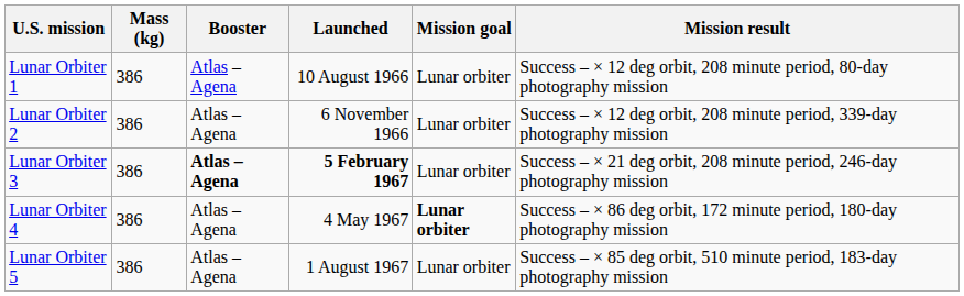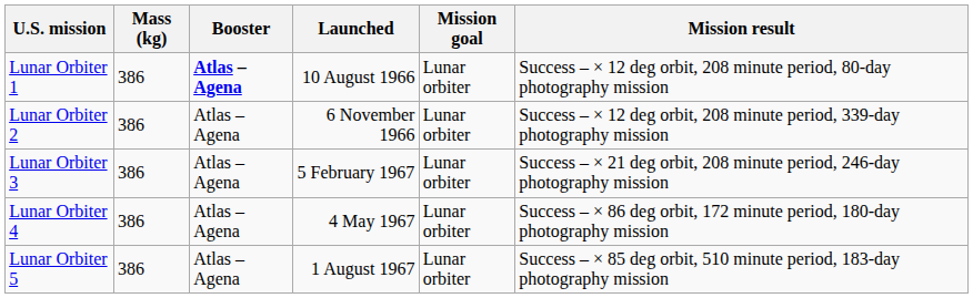 <table class="wikitable" style=" background: #f9f9f9; border-collapse: collapse;">
 <tr>
 <th align=left>U.S. mission</th>
 <th align=center>Mass (kg)</th>
 <th align=center>Booster</th>
 <th align=center>Launched</th>
 <th align=center>Mission goal</th>
 <th align=center>Mission result</th>
 </tr>
 <tr>
 <td><a href='#'>Lunar Orbiter 1</a></td>
 <td>386</td>
-<td><a href='#'>Atlas</a> – <a href='#'>Agena</a></td>
+<td><strong><a href='#'>Atlas</a> – <a href='#'>Agena</a></strong></td>
 <td align="right">10 August 1966</td>
 <td>Lunar orbiter</td>
 <td><span>Success</span> –  × 12 deg orbit, 208 minute period, 80-day photography mission</td>
 </tr>
 <tr>
 <td><a href='#'>Lunar Orbiter 2</a></td>
 <td>386</td>
 <td>Atlas – Agena</td>
 <td align="right">6 November 1966</td>
 <td>Lunar orbiter</td>
 <td><span>Success</span> –  × 12 deg orbit, 208 minute period, 339-day photography mission</td>
 </tr>
 <tr>
 <td><a href='#'>Lunar Orbiter 3</a></td>
 <td>386</td>
-<td><strong>Atlas – Agena</strong></td>
-<td align="right"><strong>5 February 1967</strong></td>
+<td>Atlas – Agena</td>
+<td align="right">5 February 1967</td>
 <td>Lunar orbiter</td>
 <td><span>Success</span> –  × 21 deg orbit, 208 minute period, 246-day photography mission</td>
 </tr>
 <tr>
 <td><a href='#'>Lunar Orbiter 4</a></td>
 <td>386</td>
 <td>Atlas – Agena</td>
 <td align="right">4 May 1967</td>
-<td><strong>Lunar orbiter</strong></td>
+<td>Lunar orbiter</td>
 <td><span>Success</span> –  × 86 deg orbit, 172 minute period, 180-day photography mission</td>
 </tr>
 <tr>
 <td><a href='#'>Lunar Orbiter 5</a></td>
 <td>386</td>
 <td>Atlas – Agena</td>
 <td align="right">1 August 1967</td>
 <td>Lunar orbiter</td>
 <td><span>Success</span> –  × 85 deg orbit, 510 minute period, 183-day photography mission</td>
 </tr>
 <tr>
 </tr>
 </table>
